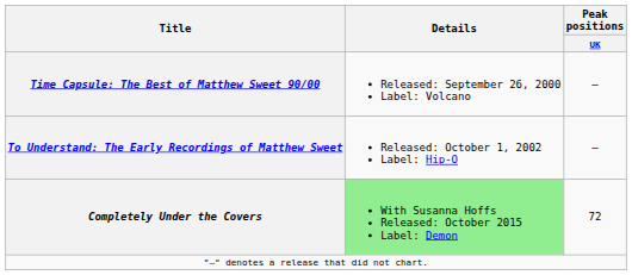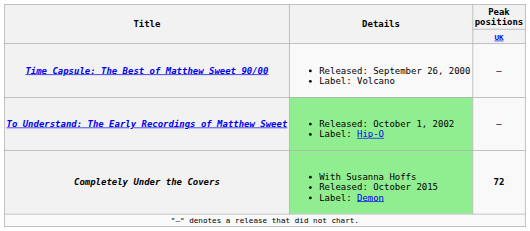 <table class="wikitable plainrowheaders">
 <tr>
 <th scope="col" rowspan="2">Title</th>
 <th scope="col" rowspan="2">Details</th>
 <th scope="col" colspan="1">Peak positions</th>
 </tr>
 <tr>
 <th width="45"><small><a href='#'>UK</a></small><br></th>
 </tr>
 <tr>
 <th scope="row"><em><a href='#'>Time Capsule: The Best of Matthew Sweet 90/00</a></em></th>
 <td><br><ul><li>Released: September 26, 2000</li><li>Label: Volcano</li></ul></td>
 <td align="center">—</td>
 </tr>
 <tr>
 <th scope="row"><em><a href='#'>To Understand: The Early Recordings of Matthew Sweet</a></em></th>
-<td><br><ul><li>Released: October 1, 2002</li><li>Label: <a href='#'>Hip-O</a></li></ul></td>
+<td style="background: lightgreen;"><br><ul><li>Released: October 1, 2002</li><li>Label: <a href='#'>Hip-O</a></li></ul></td>
 <td align="center">—</td>
 </tr>
 <tr>
 <th scope="row"><em>Completely Under the Covers</em></th>
 <td style="background: lightgreen;"><br><ul><li>With Susanna Hoffs</li><li>Released: October 2015</li><li>Label: <a href='#'>Demon</a></li></ul></td>
-<td align="center">72</td>
+<td align="center"><strong>72</strong></td>
 </tr>
 <tr>
 <td align="center" colspan="5" style="font-size: 85%">"—" denotes a release that did not chart.</td>
 </tr>
 </table>
